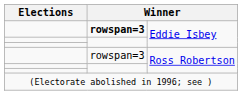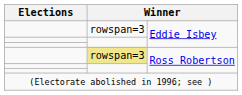 <table class=wikitable>
 <tr>
 <th width=100>Elections</th>
 <th width=175 colspan= 2>Winner</th>
 </tr>
 <tr>
 <td></td>
-<td><strong>rowspan=3 </strong></td>
+<td>rowspan=3 </td>
 <td rowspan=3><a href='#'>Eddie Isbey</a></td>
 </tr>
 <tr>
 <td></td>
 </tr>
 <tr>
 <td></td>
 </tr>
 <tr>
 <td></td>
-<td>rowspan=3 </td>
+<td style="background: khaki;">rowspan=3 </td>
 <td rowspan=3><a href='#'>Ross Robertson</a></td>
 </tr>
 <tr>
 <td></td>
 </tr>
 <tr>
 <td></td>
 </tr>
 <tr>
 <td colspan=3 align=center><small>(Electorate abolished in 1996; see )</small></td>
 </tr>
 </table>
